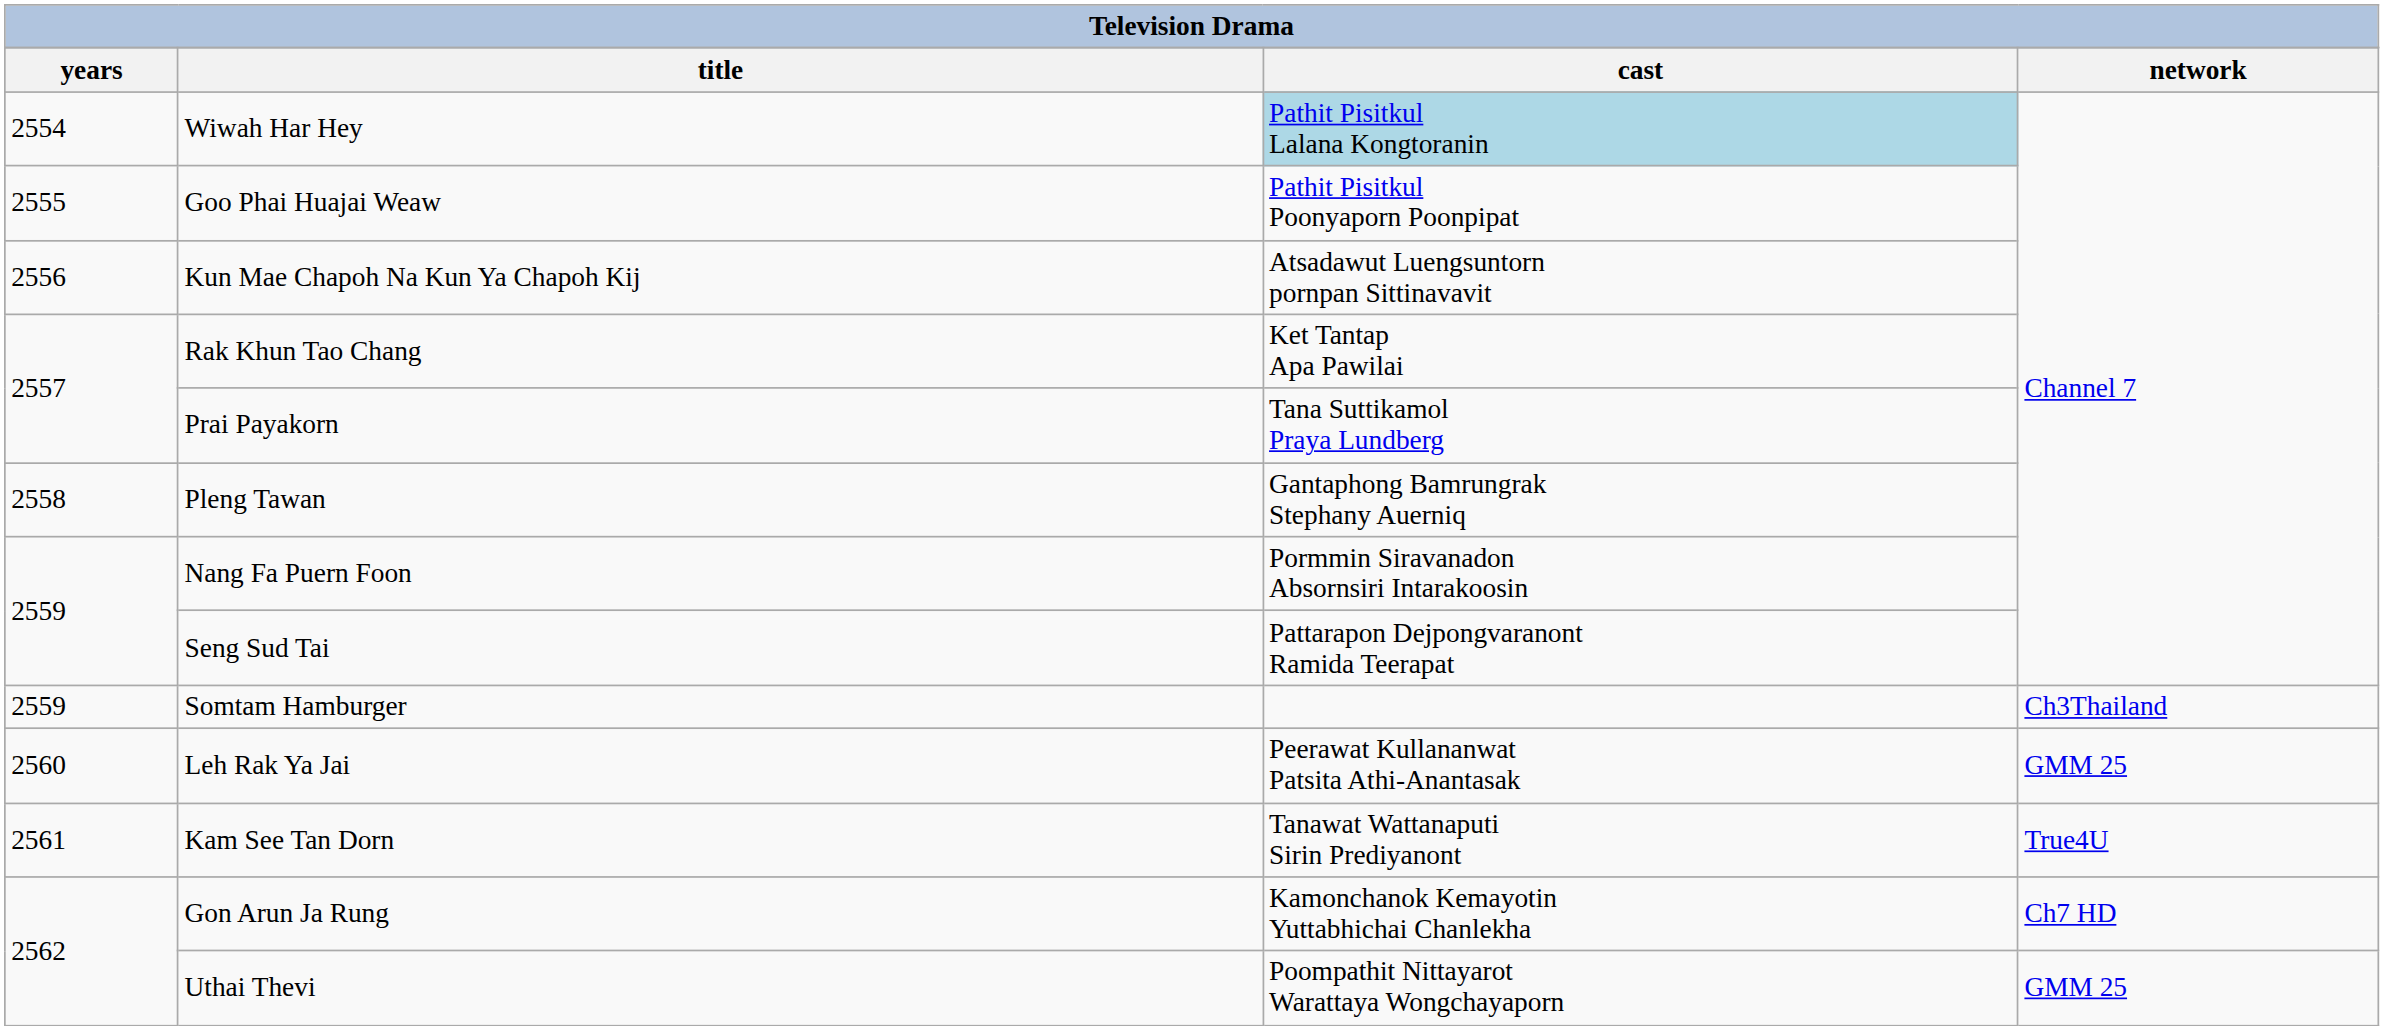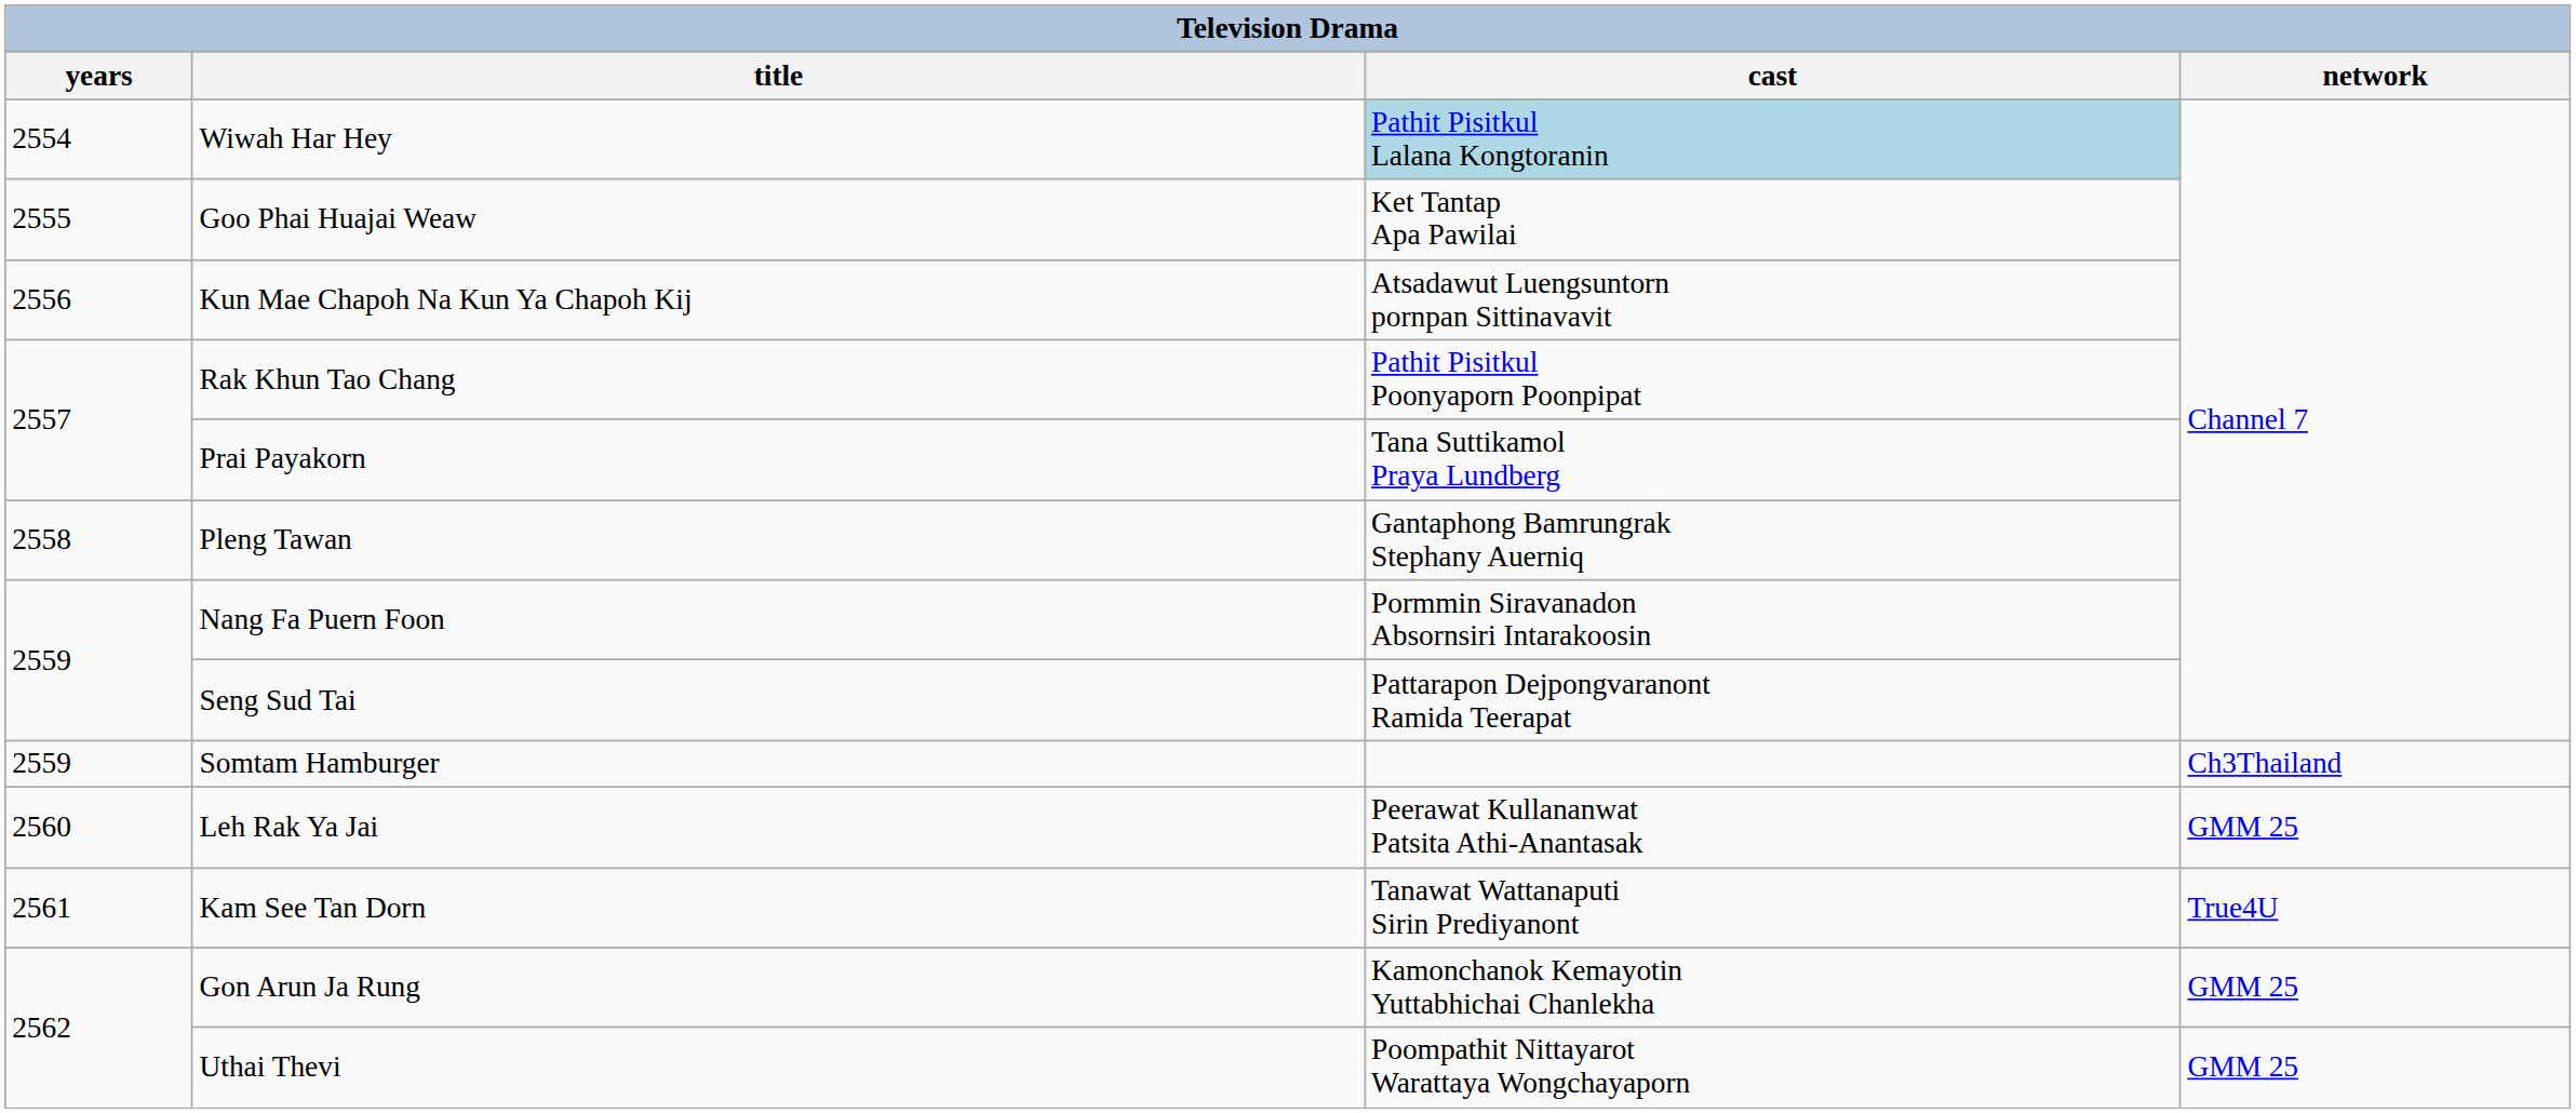 <table class="wikitable" width = 70%>
 <tr>
 <th colspan="4" style="background: LightSteelBlue;">Television Drama</th>
 </tr>
 <tr bgcolor="#CCCCCC" align="center">
 </tr>
 <tr>
 <th>years</th>
 <th>title</th>
 <th>cast</th>
 <th>network</th>
 </tr>
 <tr>
 <td rowspan="1">2554</td>
 <td>Wiwah Har Hey</td>
 <td style="background: lightblue;"><a href='#'>Pathit Pisitkul</a><br>Lalana Kongtoranin</td>
 <td rowspan ="8"><a href='#'>Channel 7</a></td>
 </tr>
 <tr>
 <td rowspan="1">2555</td>
 <td>Goo Phai Huajai Weaw</td>
-<td><a href='#'>Pathit Pisitkul</a><br>Poonyaporn Poonpipat</td>
+<td>Ket Tantap<br>Apa Pawilai</td>
 </tr>
 <tr>
 <td rowspan="1">2556</td>
 <td>Kun Mae Chapoh Na Kun Ya Chapoh Kij</td>
 <td>Atsadawut Luengsuntorn<br>pornpan Sittinavavit</td>
 </tr>
 <tr>
 <td rowspan="2">2557</td>
 <td>Rak Khun Tao Chang</td>
-<td>Ket Tantap<br>Apa Pawilai</td>
+<td><a href='#'>Pathit Pisitkul</a><br>Poonyaporn Poonpipat</td>
 </tr>
 <tr>
 <td>Prai Payakorn</td>
 <td>Tana Suttikamol<br><a href='#'>Praya Lundberg</a></td>
 </tr>
 <tr>
 <td rowspan="1">2558</td>
 <td>Pleng Tawan</td>
 <td>Gantaphong Bamrungrak<br>Stephany Auerniq</td>
 </tr>
 <tr>
 <td rowspan="2">2559</td>
 <td>Nang Fa Puern Foon</td>
 <td>Pormmin Siravanadon<br>Absornsiri Intarakoosin</td>
 </tr>
 <tr>
 <td>Seng Sud Tai</td>
 <td>Pattarapon Dejpongvaranont<br>Ramida Teerapat</td>
 </tr>
 <tr>
 <td rowspan="1">2559</td>
 <td>Somtam Hamburger</td>
 <td></td>
 <td><a href='#'>Ch3Thailand</a></td>
 </tr>
 <tr>
 <td rowspan="1">2560</td>
 <td>Leh Rak Ya Jai</td>
 <td>Peerawat Kullananwat<br>Patsita Athi-Anantasak</td>
 <td><a href='#'>GMM 25</a></td>
 </tr>
 <tr>
 <td rowspan="1">2561</td>
 <td>Kam See Tan Dorn</td>
 <td>Tanawat Wattanaputi<br>Sirin Prediyanont</td>
 <td><a href='#'>True4U</a></td>
 </tr>
 <tr>
 <td rowspan = "2">2562</td>
 <td>Gon Arun Ja Rung</td>
 <td>Kamonchanok Kemayotin<br>Yuttabhichai Chanlekha</td>
-<td><a href='#'>Ch7 HD</a></td>
+<td><a href='#'>GMM 25</a></td>
 </tr>
 <tr>
 <td>Uthai Thevi</td>
 <td>Poompathit Nittayarot<br>Warattaya Wongchayaporn</td>
 <td><a href='#'>GMM 25</a></td>
 </tr>
 </table>
